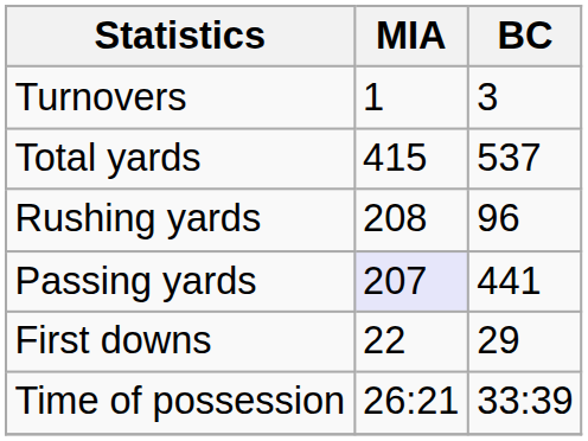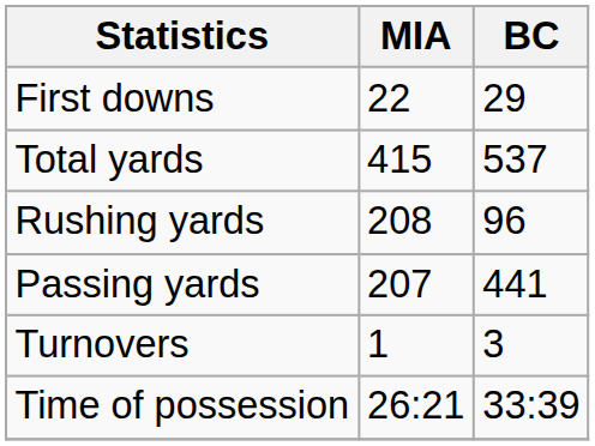 <table class="wikitable">
 <tr>
 <th>Statistics</th>
 <th>MIA</th>
 <th>BC</th>
 </tr>
 <tr>
-<td>Turnovers</td>
-<td>1</td>
-<td>3</td>
+<td>First downs</td>
+<td>22</td>
+<td>29</td>
 </tr>
 <tr>
 <td>Total yards</td>
 <td>415</td>
 <td>537</td>
 </tr>
 <tr>
 <td>Rushing yards</td>
 <td>208</td>
 <td>96</td>
 </tr>
 <tr>
 <td>Passing yards</td>
-<td style="background: lavender;">207</td>
+<td>207</td>
 <td>441</td>
 </tr>
 <tr>
-<td>First downs</td>
-<td>22</td>
-<td>29</td>
+<td>Turnovers</td>
+<td>1</td>
+<td>3</td>
 </tr>
 <tr>
 <td>Time of possession</td>
 <td>26:21</td>
 <td>33:39</td>
 </tr>
 <tr>
 </tr>
 </table>
